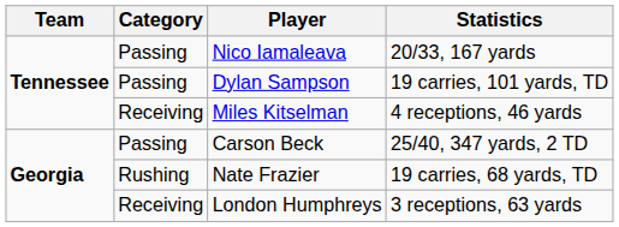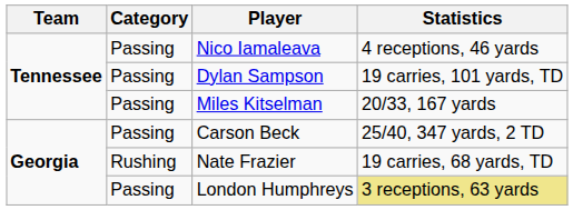 <table class="wikitable" style="float: right;">
 <tr>
 <th>Team</th>
 <th>Category</th>
 <th>Player</th>
 <th>Statistics</th>
 </tr>
 <tr>
 <td rowspan=3><strong>Tennessee</strong></td>
 <td>Passing</td>
 <td><a href='#'>Nico Iamaleava</a></td>
-<td>20/33, 167 yards</td>
+<td>4 receptions, 46 yards</td>
 </tr>
 <tr>
 <td>Passing</td>
 <td><a href='#'>Dylan Sampson</a></td>
 <td>19 carries, 101 yards, TD</td>
 </tr>
 <tr>
-<td>Receiving</td>
+<td>Passing</td>
 <td><a href='#'>Miles Kitselman</a></td>
-<td>4 receptions, 46 yards</td>
+<td>20/33, 167 yards</td>
 </tr>
 <tr>
 <td rowspan=3><strong>Georgia</strong></td>
 <td>Passing</td>
 <td>Carson Beck</td>
 <td>25/40, 347 yards, 2 TD</td>
 </tr>
 <tr>
 <td>Rushing</td>
 <td>Nate Frazier</td>
 <td>19 carries, 68 yards, TD</td>
 </tr>
 <tr>
-<td>Receiving</td>
+<td>Passing</td>
 <td>London Humphreys</td>
-<td>3 receptions, 63 yards</td>
+<td style="background: khaki;">3 receptions, 63 yards</td>
 </tr>
 </table>
